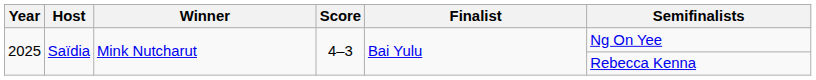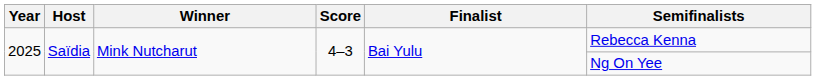 <table class="wikitable">
 <tr style="background:#EFEFEF;">
 <th>Year</th>
 <th>Host</th>
 <th style="width:15em">Winner</th>
 <th>Score</th>
 <th style="width:15em">Finalist</th>
 <th style="width:15em">Semifinalists</th>
 </tr>
 <tr>
 <td rowspan="2" style="text-align:center;">2025</td>
 <td rowspan="2"> <a href='#'>Saïdia</a></td>
 <td rowspan="2"> <a href='#'>Mink Nutcharut</a></td>
 <td rowspan="2" style="text-align:center;">4–3</td>
 <td rowspan="2"> <a href='#'>Bai Yulu</a></td>
+<td> <a href='#'>Rebecca Kenna</a></td>
+</tr>
+<tr>
 <td> <a href='#'>Ng On Yee</a></td>
 </tr>
-<tr>
-<td> <a href='#'>Rebecca Kenna</a></td>
-</tr>
 </table>
